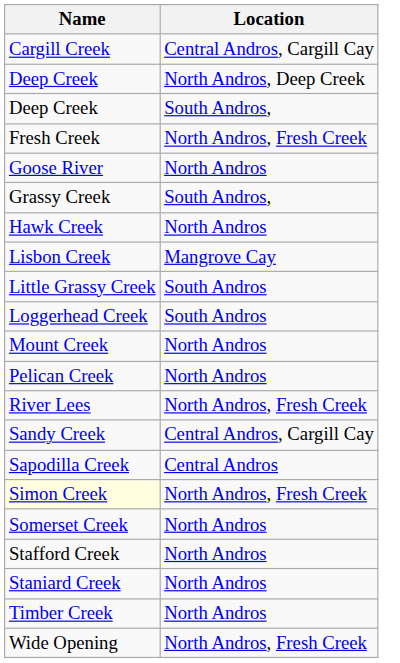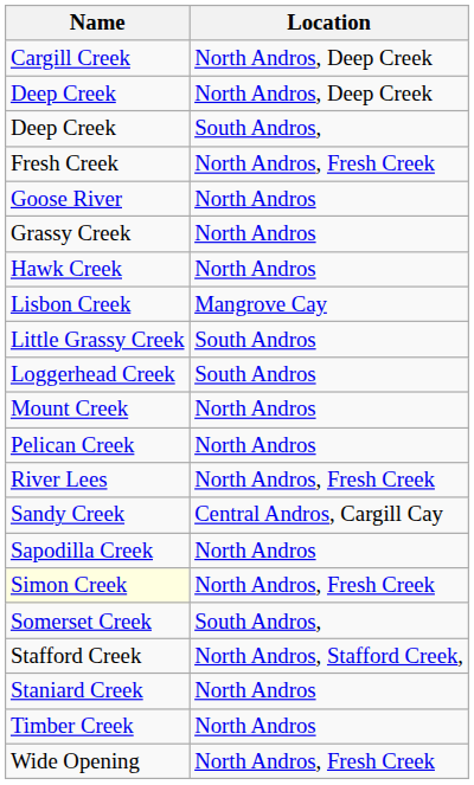 <table class="wikitable sortable plainrowheaders">
 <tr>
 <th>Name</th>
 <th>Location</th>
 </tr>
 <tr>
 <td><a href='#'>Cargill Creek</a></td>
-<td><a href='#'>Central Andros</a>, Cargill Cay</td>
+<td><a href='#'>North Andros</a>, Deep Creek</td>
 </tr>
 <tr>
 <td><a href='#'>Deep Creek</a></td>
 <td><a href='#'>North Andros</a>, Deep Creek</td>
 </tr>
 <tr>
 <td>Deep Creek</td>
 <td><a href='#'>South Andros</a>, </td>
 </tr>
 <tr>
 <td>Fresh Creek</td>
 <td><a href='#'>North Andros</a>, <a href='#'>Fresh Creek</a></td>
 </tr>
 <tr>
 <td><a href='#'>Goose River</a></td>
 <td><a href='#'>North Andros</a></td>
 </tr>
 <tr>
 <td>Grassy Creek</td>
-<td><a href='#'>South Andros</a>, </td>
+<td><a href='#'>North Andros</a></td>
 </tr>
 <tr>
 <td><a href='#'>Hawk Creek</a></td>
 <td><a href='#'>North Andros</a></td>
 </tr>
 <tr>
 <td><a href='#'>Lisbon Creek</a></td>
 <td><a href='#'>Mangrove Cay</a></td>
 </tr>
 <tr>
 <td><a href='#'>Little Grassy Creek</a></td>
 <td><a href='#'>South Andros</a></td>
 </tr>
 <tr>
 <td><a href='#'>Loggerhead Creek</a></td>
 <td><a href='#'>South Andros</a></td>
 </tr>
 <tr>
 <td><a href='#'>Mount Creek</a></td>
 <td><a href='#'>North Andros</a></td>
 </tr>
 <tr>
 <td><a href='#'>Pelican Creek</a></td>
 <td><a href='#'>North Andros</a></td>
 </tr>
 <tr>
 <td><a href='#'>River Lees</a></td>
 <td><a href='#'>North Andros</a>, <a href='#'>Fresh Creek</a></td>
 </tr>
 <tr>
 <td><a href='#'>Sandy Creek</a></td>
 <td><a href='#'>Central Andros</a>, Cargill Cay</td>
 </tr>
 <tr>
 <td><a href='#'>Sapodilla Creek</a></td>
-<td><a href='#'>Central Andros</a></td>
+<td><a href='#'>North Andros</a></td>
 </tr>
 <tr>
 <td style="background: lightyellow;"><a href='#'>Simon Creek</a></td>
 <td><a href='#'>North Andros</a>, <a href='#'>Fresh Creek</a></td>
 </tr>
 <tr>
 <td><a href='#'>Somerset Creek</a></td>
-<td><a href='#'>North Andros</a></td>
+<td><a href='#'>South Andros</a>, </td>
 </tr>
 <tr>
 <td>Stafford Creek</td>
-<td><a href='#'>North Andros</a></td>
+<td><a href='#'>North Andros</a>, <a href='#'>Stafford Creek</a>, </td>
 </tr>
 <tr>
 <td><a href='#'>Staniard Creek</a></td>
 <td><a href='#'>North Andros</a></td>
 </tr>
 <tr>
 <td><a href='#'>Timber Creek</a></td>
 <td><a href='#'>North Andros</a></td>
 </tr>
 <tr>
 <td>Wide Opening</td>
 <td><a href='#'>North Andros</a>, <a href='#'>Fresh Creek</a></td>
 </tr>
 </table>
